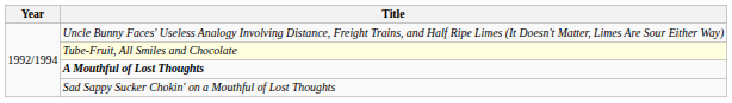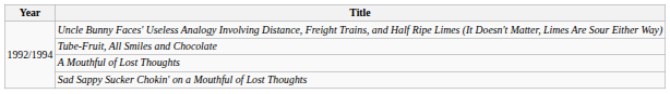 <table class="wikitable plainrowheaders" style="text-align:left;" border="1">
 <tr>
 <th scope="col">Year</th>
 <th scope="col">Title</th>
 </tr>
 <tr>
 <td rowspan="4">1992/1994</td>
 <td><em>Uncle Bunny Faces' Useless Analogy Involving Distance, Freight Trains, and Half Ripe Limes (It Doesn't Matter, Limes Are Sour Either Way)</em></td>
 </tr>
 <tr>
-<td style="background: lightyellow;"><em>Tube-Fruit, All Smiles and Chocolate</em></td>
+<td><em>Tube-Fruit, All Smiles and Chocolate</em></td>
 </tr>
 <tr>
-<td><strong><em>A Mouthful of Lost Thoughts</em></strong></td>
+<td><em>A Mouthful of Lost Thoughts</em></td>
 </tr>
 <tr>
 <td><em>Sad Sappy Sucker Chokin' on a Mouthful of Lost Thoughts</em></td>
 </tr>
 </table>
